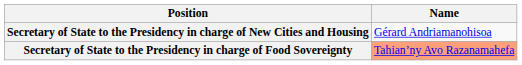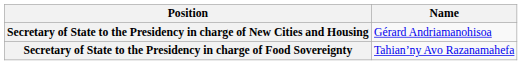 <table class="wikitable">
 <tr>
 <th style="background-color:#f2f2f2; text-align:center;">Position</th>
 <th style="background-color:#f2f2f2; text-align:center;">Name</th>
 </tr>
 <tr>
 <td style="background-color:#f2f2f2; text-align:center; font-weight:bold;">Secretary of State to the Presidency in charge of New Cities and Housing</td>
 <td><a href='#'>Gérard Andriamanohisoa</a></td>
 </tr>
 <tr>
 <td style="background-color:#f2f2f2; text-align:center; font-weight:bold;">Secretary of State to the Presidency in charge of Food Sovereignty</td>
-<td style="background: lightsalmon;"><a href='#'>Tahian’ny Avo Razanamahefa</a></td>
+<td><a href='#'>Tahian’ny Avo Razanamahefa</a></td>
 </tr>
 </table>
